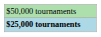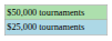 <table class="wikitable" style="font-size:85%;" width=12%>
 <tr style="background:#addfad;">
 <td>$50,000 tournaments</td>
 </tr>
 <tr style="background:lightblue;">
-<td><strong>$25,000 tournaments</strong></td>
+<td>$25,000 tournaments</td>
 </tr>
 </table>
